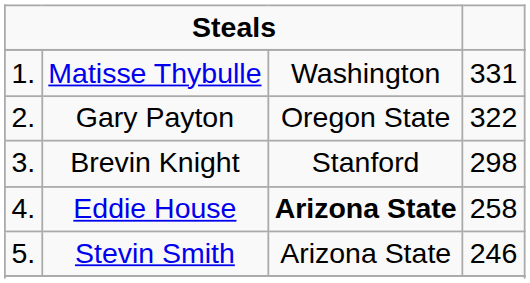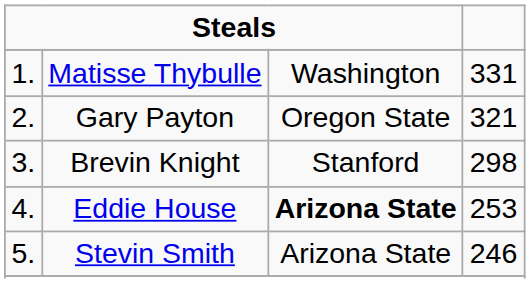 <table class="wikitable" style="display: inline-table;">
 <tr>
 <td align="center" Colspan="3"><strong>Steals</strong></td>
 </tr>
 <tr align="center">
 </tr>
 <tr align="center">
 <td>1.</td>
 <td><a href='#'>Matisse Thybulle</a></td>
 <td>Washington</td>
 <td>331</td>
 </tr>
 <tr align="center">
 <td>2.</td>
 <td>Gary Payton</td>
 <td>Oregon State</td>
-<td>322</td>
+<td>321</td>
 </tr>
 <tr align="center">
 <td>3.</td>
 <td>Brevin Knight</td>
 <td>Stanford</td>
 <td>298</td>
 </tr>
 <tr align="center">
 <td>4.</td>
 <td><a href='#'>Eddie House</a></td>
 <td><strong>Arizona State</strong></td>
-<td>258</td>
+<td>253</td>
 </tr>
 <tr align="center">
 <td>5.</td>
 <td><a href='#'>Stevin Smith</a></td>
 <td>Arizona State</td>
 <td>246</td>
 </tr>
 <tr align="center">
 </tr>
 <tr>
 </tr>
 </table>
